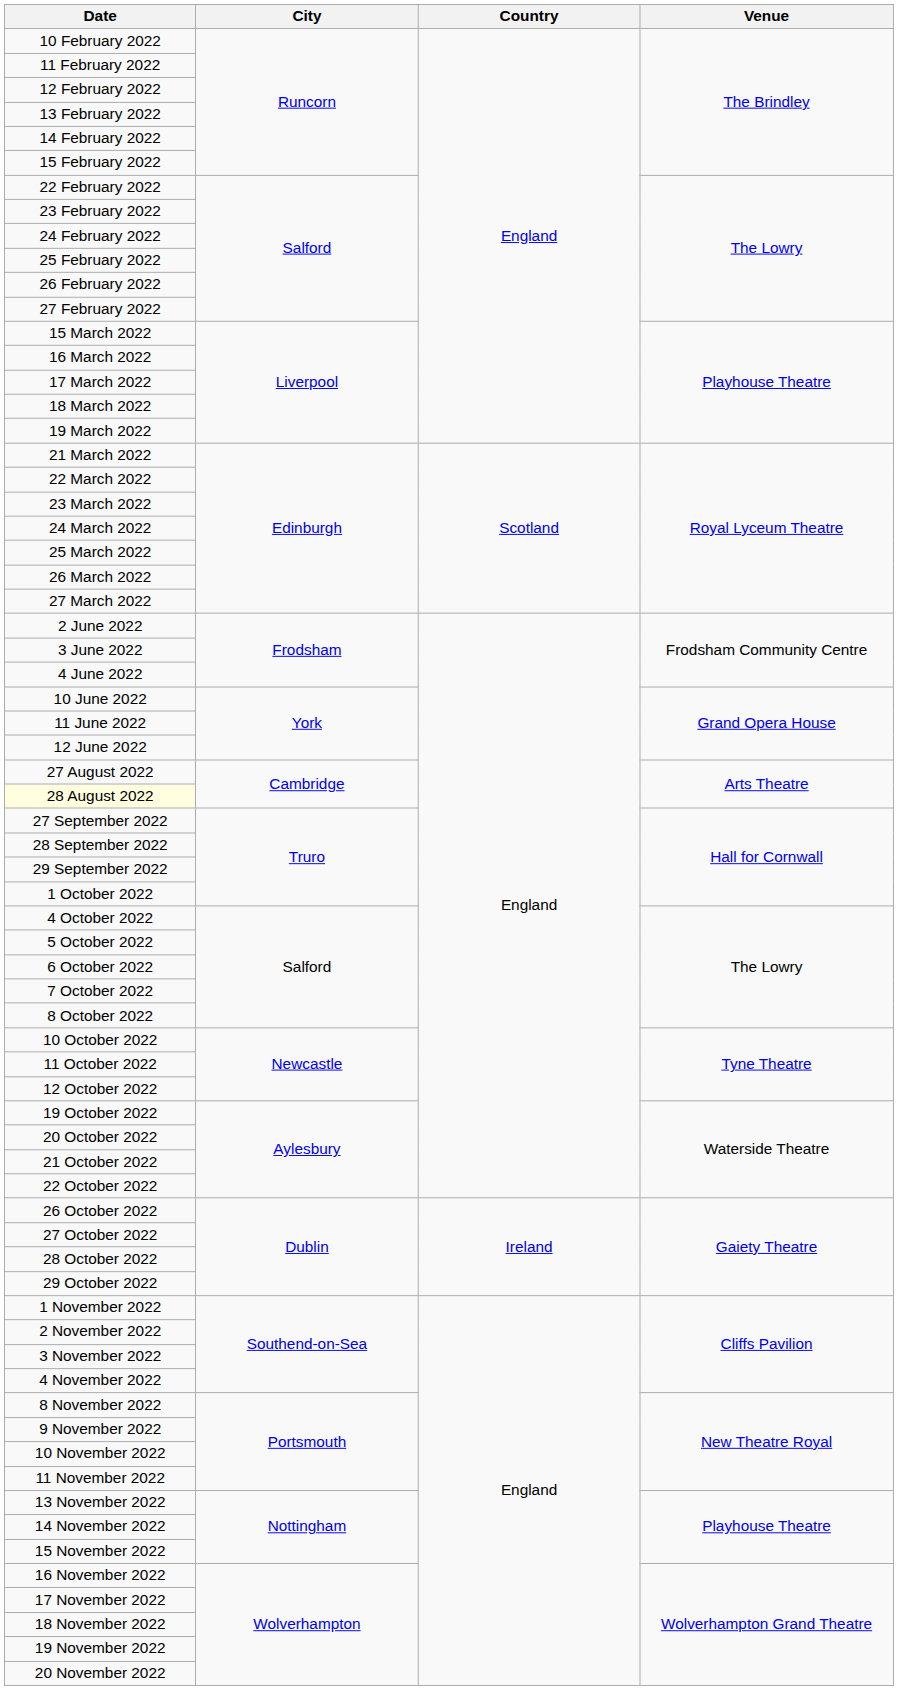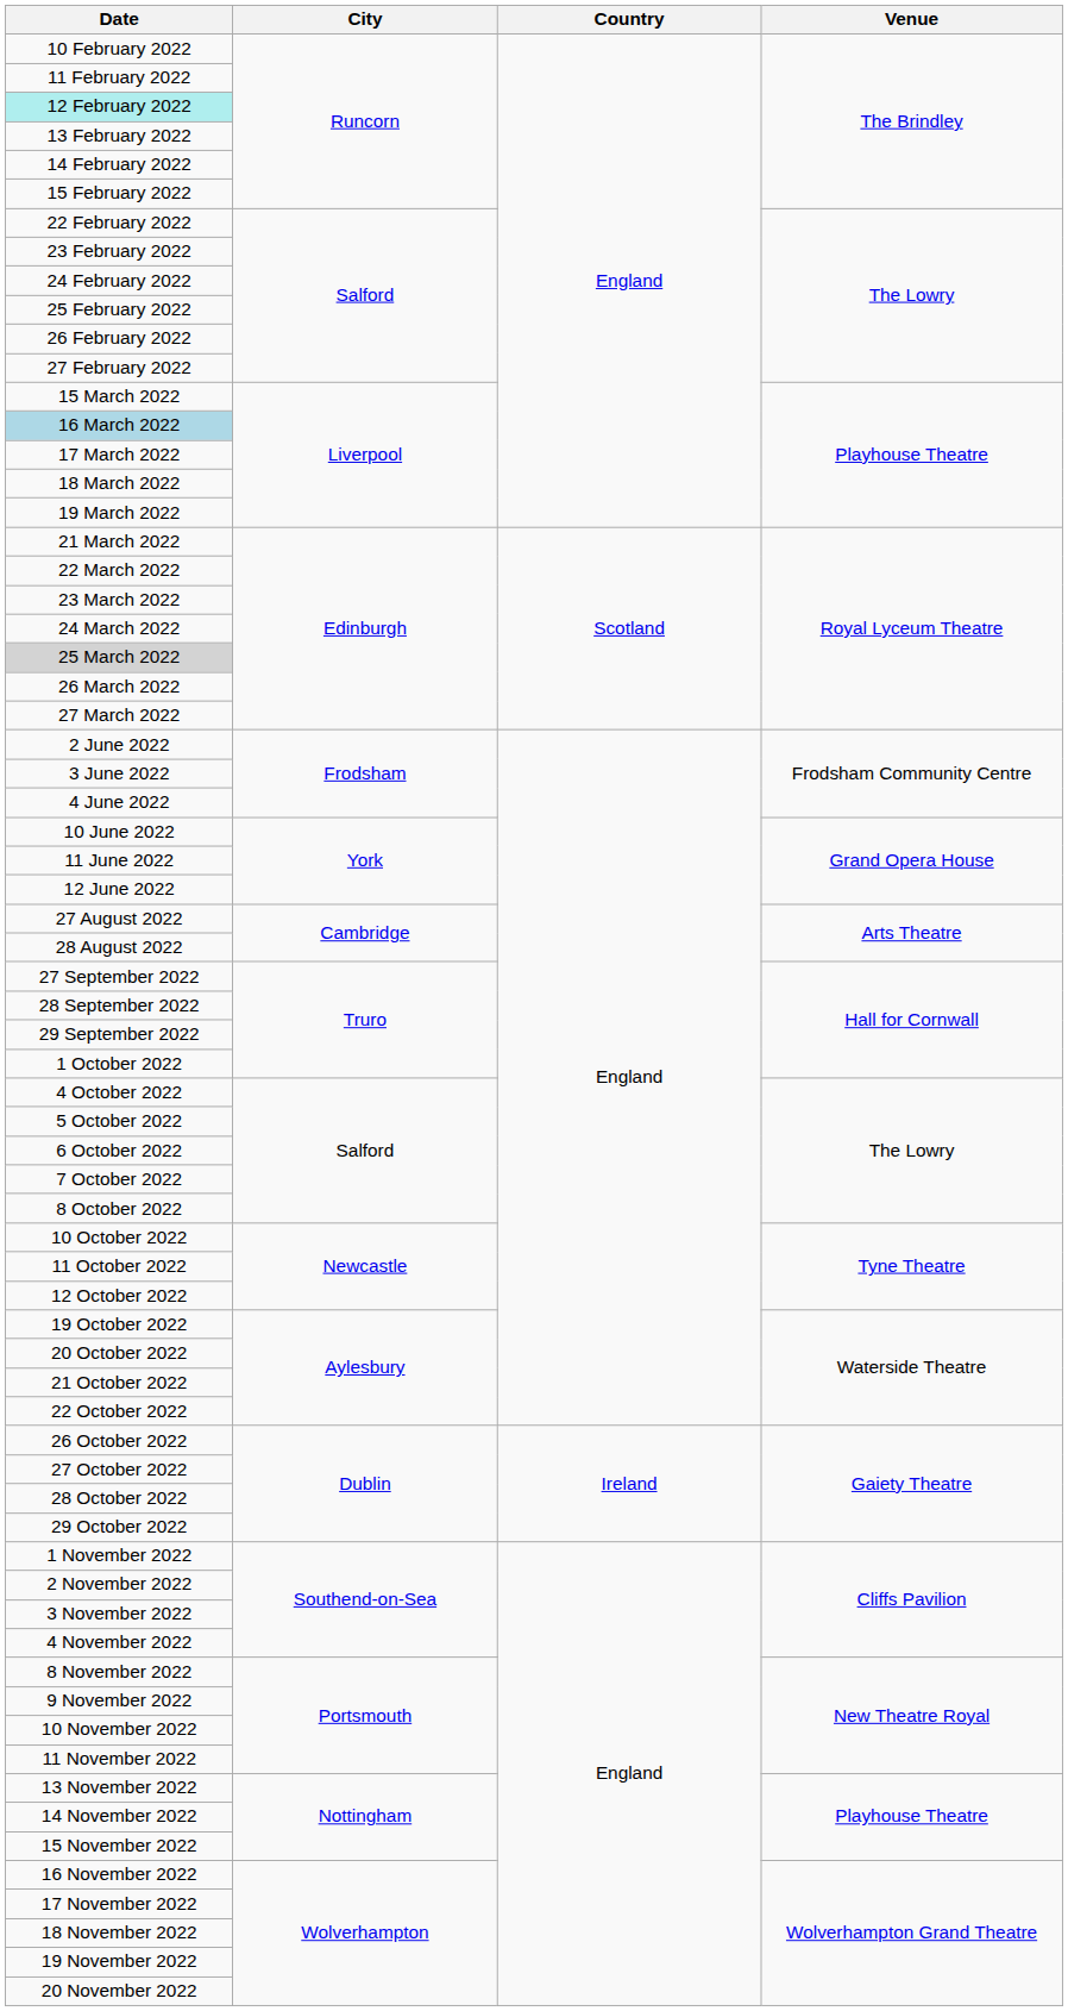 <table class="wikitable plainrowheaders" style="text-align:center;">
 <tr>
 <th scope="col" style="width:12em;">Date</th>
 <th scope="col" style="width:14em;">City</th>
 <th scope="col" style="width:14em;">Country</th>
 <th scope="col" style="width:16em;">Venue</th>
 </tr>
 <tr>
 <td>10 February 2022</td>
 <td rowspan="6"><a href='#'>Runcorn</a></td>
 <td rowspan="17"><a href='#'>England</a></td>
 <td rowspan="6"><a href='#'>The Brindley</a></td>
 </tr>
 <tr>
 <td>11 February 2022</td>
 </tr>
 <tr>
-<td>12 February 2022</td>
+<td style="background: paleturquoise;">12 February 2022</td>
 </tr>
 <tr>
 <td>13 February 2022</td>
 </tr>
 <tr>
 <td>14 February 2022</td>
 </tr>
 <tr>
 <td>15 February 2022</td>
 </tr>
 <tr>
 <td>22 February 2022</td>
 <td rowspan="6"><a href='#'>Salford</a></td>
 <td rowspan="6"><a href='#'>The Lowry</a></td>
 </tr>
 <tr>
 <td>23 February 2022</td>
 </tr>
 <tr>
 <td>24 February 2022</td>
 </tr>
 <tr>
 <td>25 February 2022</td>
 </tr>
 <tr>
 <td>26 February 2022</td>
 </tr>
 <tr>
 <td>27 February 2022</td>
 </tr>
 <tr>
 <td>15 March 2022</td>
 <td rowspan="5"><a href='#'>Liverpool</a></td>
 <td rowspan="5"><a href='#'>Playhouse Theatre</a></td>
 </tr>
 <tr>
-<td>16 March 2022</td>
+<td style="background: lightblue;">16 March 2022</td>
 </tr>
 <tr>
 <td>17 March 2022</td>
 </tr>
 <tr>
 <td>18 March 2022</td>
 </tr>
 <tr>
 <td>19 March 2022</td>
 </tr>
 <tr>
 <td>21 March 2022</td>
 <td rowspan="7"><a href='#'>Edinburgh</a></td>
 <td rowspan="7"><a href='#'>Scotland</a></td>
 <td rowspan="7"><a href='#'>Royal Lyceum Theatre</a></td>
 </tr>
 <tr>
 <td>22 March 2022</td>
 </tr>
 <tr>
 <td>23 March 2022</td>
 </tr>
 <tr>
 <td>24 March 2022</td>
 </tr>
 <tr>
-<td>25 March 2022</td>
+<td style="background: lightgrey;">25 March 2022</td>
 </tr>
 <tr>
 <td>26 March 2022</td>
 </tr>
 <tr>
 <td>27 March 2022</td>
 </tr>
 <tr>
 <td>2 June 2022</td>
 <td rowspan="3"><a href='#'>Frodsham</a></td>
 <td rowspan="24">England</td>
 <td rowspan="3">Frodsham Community Centre</td>
 </tr>
 <tr>
 <td>3 June 2022</td>
 </tr>
 <tr>
 <td>4 June 2022</td>
 </tr>
 <tr>
 <td>10 June 2022</td>
 <td rowspan="3"><a href='#'>York</a></td>
 <td rowspan="3"><a href='#'>Grand Opera House</a></td>
 </tr>
 <tr>
 <td>11 June 2022</td>
 </tr>
 <tr>
 <td>12 June 2022</td>
 </tr>
 <tr>
 <td>27 August 2022</td>
 <td rowspan="2"><a href='#'>Cambridge</a></td>
 <td rowspan="2"><a href='#'>Arts Theatre</a></td>
 </tr>
 <tr>
-<td style="background: lightyellow;">28 August 2022</td>
+<td>28 August 2022</td>
 </tr>
 <tr>
 <td>27 September 2022</td>
 <td rowspan="4"><a href='#'>Truro</a></td>
 <td rowspan="4"><a href='#'>Hall for Cornwall</a></td>
 </tr>
 <tr>
 <td>28 September 2022</td>
 </tr>
 <tr>
 <td>29 September 2022</td>
 </tr>
 <tr>
 <td>1 October 2022</td>
 </tr>
 <tr>
 <td>4 October 2022</td>
 <td rowspan="5">Salford</td>
 <td rowspan="5">The Lowry</td>
 </tr>
 <tr>
 <td>5 October 2022</td>
 </tr>
 <tr>
 <td>6 October 2022</td>
 </tr>
 <tr>
 <td>7 October 2022</td>
 </tr>
 <tr>
 <td>8 October 2022</td>
 </tr>
 <tr>
 <td>10 October 2022</td>
 <td rowspan="3"><a href='#'>Newcastle</a></td>
 <td rowspan="3"><a href='#'>Tyne Theatre</a></td>
 </tr>
 <tr>
 <td>11 October 2022</td>
 </tr>
 <tr>
 <td>12 October 2022</td>
 </tr>
 <tr>
 <td>19 October 2022</td>
 <td rowspan="4"><a href='#'>Aylesbury</a></td>
 <td rowspan="4">Waterside Theatre</td>
 </tr>
 <tr>
 <td>20 October 2022</td>
 </tr>
 <tr>
 <td>21 October 2022</td>
 </tr>
 <tr>
 <td>22 October 2022</td>
 </tr>
 <tr>
 <td>26 October 2022</td>
 <td rowspan="4"><a href='#'>Dublin</a></td>
 <td rowspan="4"><a href='#'>Ireland</a></td>
 <td rowspan="4"><a href='#'>Gaiety Theatre</a></td>
 </tr>
 <tr>
 <td>27 October 2022</td>
 </tr>
 <tr>
 <td>28 October 2022</td>
 </tr>
 <tr>
 <td>29 October 2022</td>
 </tr>
 <tr>
 <td>1 November 2022</td>
 <td rowspan="4"><a href='#'>Southend-on-Sea</a></td>
 <td rowspan="16">England</td>
 <td rowspan="4"><a href='#'>Cliffs Pavilion</a></td>
 </tr>
 <tr>
 <td>2 November 2022</td>
 </tr>
 <tr>
 <td>3 November 2022</td>
 </tr>
 <tr>
 <td>4 November 2022</td>
 </tr>
 <tr>
 <td>8 November 2022</td>
 <td rowspan="4"><a href='#'>Portsmouth</a></td>
 <td rowspan="4"><a href='#'>New Theatre Royal</a></td>
 </tr>
 <tr>
 <td>9 November 2022</td>
 </tr>
 <tr>
 <td>10 November 2022</td>
 </tr>
 <tr>
 <td>11 November 2022</td>
 </tr>
 <tr>
 <td>13 November 2022</td>
 <td rowspan="3"><a href='#'>Nottingham</a></td>
 <td rowspan="3"><a href='#'>Playhouse Theatre</a></td>
 </tr>
 <tr>
 <td>14 November 2022</td>
 </tr>
 <tr>
 <td>15 November 2022</td>
 </tr>
 <tr>
 <td>16 November 2022</td>
 <td rowspan="5"><a href='#'>Wolverhampton</a></td>
 <td rowspan="5"><a href='#'>Wolverhampton Grand Theatre</a></td>
 </tr>
 <tr>
 <td>17 November 2022</td>
 </tr>
 <tr>
 <td>18 November 2022</td>
 </tr>
 <tr>
 <td>19 November 2022</td>
 </tr>
 <tr>
 <td>20 November 2022</td>
 </tr>
 </table>
